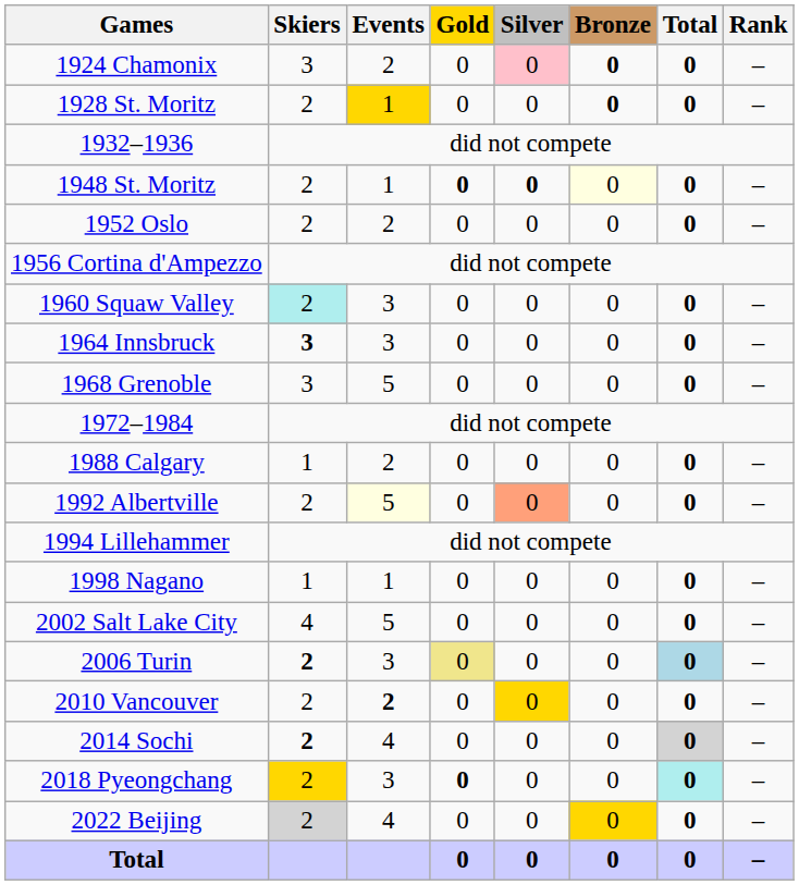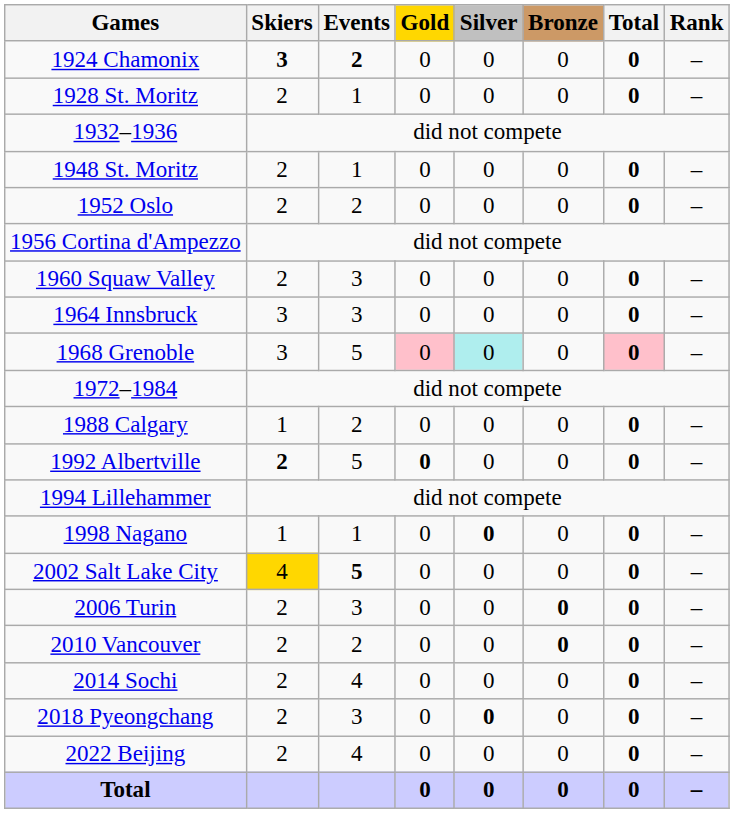 <table class="wikitable sortable collapsible collapsed">
 <tr>
 <th>Games</th>
 <th>Skiers</th>
 <th>Events</th>
 <th style="text-align:center; background-color:gold;">Gold</th>
 <th style="text-align:center; background-color:silver;">Silver</th>
 <th style="text-align:center; background-color:#c96;">Bronze</th>
 <th>Total</th>
 <th>Rank</th>
 </tr>
 <tr align=center>
 <td><a href='#'>1924 Chamonix</a></td>
-<td>3</td>
-<td>2</td>
+<td><strong>3</strong></td>
+<td><strong>2</strong></td>
 <td>0</td>
-<td style="background: pink;">0</td>
-<td><strong>0</strong></td>
+<td>0</td>
+<td>0</td>
 <td><strong>0</strong></td>
 <td>–</td>
 </tr>
 <tr align=center>
 <td><a href='#'>1928 St. Moritz</a></td>
 <td>2</td>
-<td style="background: gold;">1</td>
+<td>1</td>
 <td>0</td>
 <td>0</td>
-<td><strong>0</strong></td>
+<td>0</td>
 <td><strong>0</strong></td>
 <td>–</td>
 </tr>
 <tr align=center>
 <td><a href='#'>1932</a>–<a href='#'>1936</a></td>
 <td colspan=7>did not compete</td>
 </tr>
 <tr align=center>
 <td><a href='#'>1948 St. Moritz</a></td>
 <td>2</td>
 <td>1</td>
-<td><strong>0</strong></td>
-<td><strong>0</strong></td>
-<td style="background: lightyellow;">0</td>
+<td>0</td>
+<td>0</td>
+<td>0</td>
 <td><strong>0</strong></td>
 <td>–</td>
 </tr>
 <tr align=center>
 <td><a href='#'>1952 Oslo</a></td>
 <td>2</td>
 <td>2</td>
 <td>0</td>
 <td>0</td>
 <td>0</td>
 <td><strong>0</strong></td>
 <td>–</td>
 </tr>
 <tr align=center>
 <td><a href='#'>1956 Cortina d'Ampezzo</a></td>
 <td colspan=7>did not compete</td>
 </tr>
 <tr align=center>
 <td><a href='#'>1960 Squaw Valley</a></td>
-<td style="background: paleturquoise;">2</td>
+<td>2</td>
 <td>3</td>
 <td>0</td>
 <td>0</td>
 <td>0</td>
 <td><strong>0</strong></td>
 <td>–</td>
 </tr>
 <tr align=center>
 <td><a href='#'>1964 Innsbruck</a></td>
-<td><strong>3</strong></td>
+<td>3</td>
 <td>3</td>
 <td>0</td>
 <td>0</td>
 <td>0</td>
 <td><strong>0</strong></td>
 <td>–</td>
 </tr>
 <tr align=center>
 <td><a href='#'>1968 Grenoble</a></td>
 <td>3</td>
 <td>5</td>
+<td style="background: pink;">0</td>
+<td style="background: paleturquoise;">0</td>
 <td>0</td>
-<td>0</td>
-<td>0</td>
-<td><strong>0</strong></td>
+<td style="background: pink;"><strong>0</strong></td>
 <td>–</td>
 </tr>
 <tr align=center>
 <td><a href='#'>1972</a>–<a href='#'>1984</a></td>
 <td colspan=7>did not compete</td>
 </tr>
 <tr align=center>
 <td><a href='#'>1988 Calgary</a></td>
 <td>1</td>
 <td>2</td>
 <td>0</td>
 <td>0</td>
 <td>0</td>
 <td><strong>0</strong></td>
 <td>–</td>
 </tr>
 <tr align=center>
 <td><a href='#'>1992 Albertville</a></td>
-<td>2</td>
-<td style="background: lightyellow;">5</td>
+<td><strong>2</strong></td>
+<td>5</td>
+<td><strong>0</strong></td>
 <td>0</td>
-<td style="background: lightsalmon;">0</td>
 <td>0</td>
 <td><strong>0</strong></td>
 <td>–</td>
 </tr>
 <tr align=center>
 <td><a href='#'>1994 Lillehammer</a></td>
 <td colspan=7>did not compete</td>
 </tr>
 <tr align=center>
 <td><a href='#'>1998 Nagano</a></td>
 <td>1</td>
 <td>1</td>
 <td>0</td>
-<td>0</td>
+<td><strong>0</strong></td>
 <td>0</td>
 <td><strong>0</strong></td>
 <td>–</td>
 </tr>
 <tr align=center>
 <td><a href='#'>2002 Salt Lake City</a></td>
-<td>4</td>
-<td>5</td>
+<td style="background: gold;">4</td>
+<td><strong>5</strong></td>
 <td>0</td>
 <td>0</td>
 <td>0</td>
 <td><strong>0</strong></td>
 <td>–</td>
 </tr>
 <tr align=center>
 <td><a href='#'>2006 Turin</a></td>
-<td><strong>2</strong></td>
+<td>2</td>
 <td>3</td>
-<td style="background: khaki;">0</td>
 <td>0</td>
 <td>0</td>
-<td style="background: lightblue;"><strong>0</strong></td>
+<td><strong>0</strong></td>
+<td><strong>0</strong></td>
 <td>–</td>
 </tr>
 <tr align=center>
 <td><a href='#'>2010 Vancouver</a></td>
 <td>2</td>
-<td><strong>2</strong></td>
+<td>2</td>
 <td>0</td>
-<td style="background: gold;">0</td>
+<td>0</td>
+<td><strong>0</strong></td>
+<td><strong>0</strong></td>
+<td>–</td>
+</tr>
+<tr align=center>
+<td><a href='#'>2014 Sochi</a></td>
+<td>2</td>
+<td>4</td>
+<td>0</td>
+<td>0</td>
 <td>0</td>
 <td><strong>0</strong></td>
 <td>–</td>
 </tr>
 <tr align=center>
-<td><a href='#'>2014 Sochi</a></td>
-<td><strong>2</strong></td>
+<td><a href='#'>2018 Pyeongchang</a></td>
+<td>2</td>
+<td>3</td>
+<td>0</td>
+<td><strong>0</strong></td>
+<td>0</td>
+<td><strong>0</strong></td>
+<td>–</td>
+</tr>
+<tr align=center>
+<td><a href='#'>2022 Beijing</a></td>
+<td>2</td>
 <td>4</td>
 <td>0</td>
 <td>0</td>
 <td>0</td>
-<td style="background: lightgrey;"><strong>0</strong></td>
-<td>–</td>
-</tr>
-<tr align=center>
-<td><a href='#'>2018 Pyeongchang</a></td>
-<td style="background: gold;">2</td>
-<td>3</td>
-<td><strong>0</strong></td>
-<td>0</td>
-<td>0</td>
-<td style="background: paleturquoise;"><strong>0</strong></td>
-<td>–</td>
-</tr>
-<tr align=center>
-<td><a href='#'>2022 Beijing</a></td>
-<td style="background: lightgrey;">2</td>
-<td>4</td>
-<td>0</td>
-<td>0</td>
-<td style="background: gold;">0</td>
 <td><strong>0</strong></td>
 <td>–</td>
 </tr>
 <tr style="text-align:center; background-color:#ccf;">
 <td><strong>Total</strong></td>
 <td></td>
 <td></td>
 <td><strong>0</strong></td>
 <td><strong>0</strong></td>
 <td><strong>0</strong></td>
 <td><strong>0</strong></td>
 <td><strong>–</strong></td>
 </tr>
 </table>
